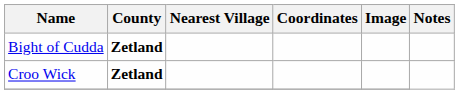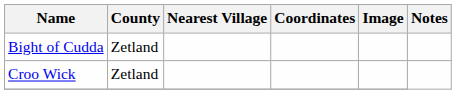 <table class="wikitable sortable" style="table-layout:fixed;background-color:#FEFEFE;font-size:95%;padding:0.30em;line-height:1.35em;">
 <tr>
 <th scope="col">Name</th>
 <th scope="col">County</th>
 <th scope="col">Nearest Village</th>
 <th scope="col" data-sort-type="number">Coordinates</th>
 <th scope="col">Image</th>
 <th scope="col">Notes</th>
 </tr>
 <tr>
 <td><a href='#'>Bight of Cudda</a></td>
-<td><strong>Zetland</strong></td>
+<td>Zetland</td>
 <td></td>
 <td></td>
 <td></td>
 <td></td>
 </tr>
 <tr>
 <td><a href='#'>Croo Wick</a></td>
-<td><strong>Zetland</strong></td>
+<td>Zetland</td>
 <td></td>
 <td></td>
 <td></td>
 </tr>
 <tr>
 </tr>
 </table>
